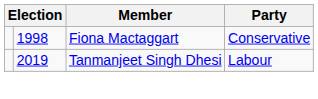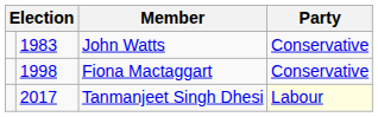 <table class="wikitable">
 <tr>
 <th colspan="2">Election</th>
 <th>Member</th>
 <th>Party</th>
+</tr>
+<tr>
+<td style="color:inherit;background-color: "></td>
+<td><a href='#'>1983</a></td>
+<td><a href='#'>John Watts</a></td>
+<td><a href='#'>Conservative</a></td>
 </tr>
 <tr>
 <td style="color:inherit;background-color: "></td>
 <td><a href='#'>1998</a></td>
 <td><a href='#'>Fiona Mactaggart</a></td>
 <td><a href='#'>Conservative</a></td>
 </tr>
 <tr>
 <td style="color:inherit;background-color: "></td>
-<td><a href='#'>2019</a></td>
+<td><a href='#'>2017</a></td>
 <td><a href='#'>Tanmanjeet Singh Dhesi</a></td>
-<td><a href='#'>Labour</a></td>
+<td style="background: lightyellow;"><a href='#'>Labour</a></td>
 </tr>
 </table>
